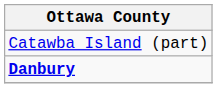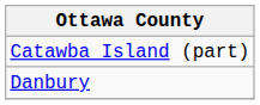 <table class="wikitable">
 <tr>
 <th>Ottawa County</th>
 </tr>
 <tr>
 <td><a href='#'>Catawba Island</a> (part)</td>
 </tr>
 <tr>
-<td><strong><a href='#'>Danbury</a></strong></td>
+<td><a href='#'>Danbury</a></td>
 </tr>
 <tr>
 </tr>
 </table>
